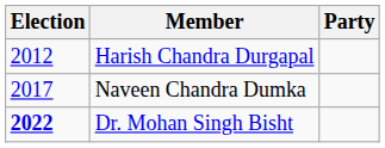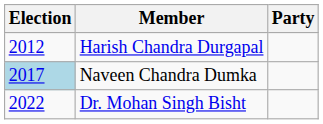 <table class="wikitable sortable">
 <tr>
 <th>Election</th>
 <th>Member</th>
 <th colspan=2>Party</th>
 </tr>
 <tr>
 <td><a href='#'>2012</a></td>
 <td><a href='#'>Harish Chandra Durgapal</a></td>
 <td></td>
 </tr>
 <tr>
-<td><a href='#'>2017</a></td>
+<td style="background: lightblue;"><a href='#'>2017</a></td>
 <td>Naveen Chandra Dumka</td>
 <td></td>
 </tr>
 <tr>
-<td><strong><a href='#'>2022</a></strong></td>
+<td><a href='#'>2022</a></td>
 <td><a href='#'>Dr. Mohan Singh Bisht</a></td>
 </tr>
 </table>
